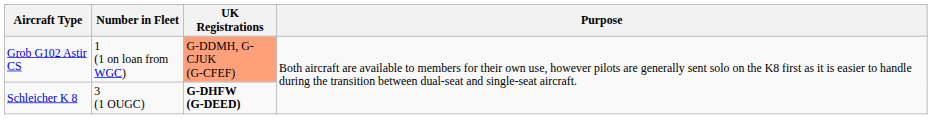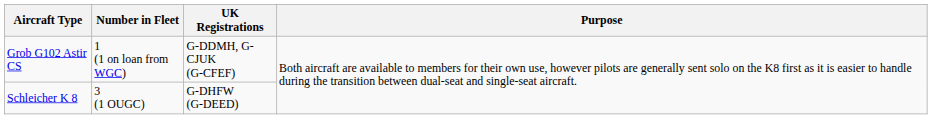 <table class="wikitable">
 <tr>
 <th>Aircraft Type</th>
 <th>Number in Fleet</th>
 <th>UK Registrations</th>
 <th>Purpose</th>
 </tr>
 <tr>
 <td><a href='#'>Grob G102 Astir CS</a></td>
 <td>1<br>(1 on loan from <a href='#'>WGC</a>)</td>
-<td style="background: lightsalmon;">G-DDMH, G-CJUK<br>(G-CFEF)</td>
+<td>G-DDMH, G-CJUK<br>(G-CFEF)</td>
 <td rowspan="2">Both aircraft are available to members for their own use, however pilots are generally sent solo on the K8 first as it is easier to handle during the transition between dual-seat and single-seat aircraft.</td>
 </tr>
 <tr>
 <td><a href='#'>Schleicher K 8</a></td>
 <td>3<br>(1 OUGC)</td>
-<td><strong>G-DHFW<br>(G-DEED)</strong></td>
+<td>G-DHFW<br>(G-DEED)</td>
 </tr>
 </table>
